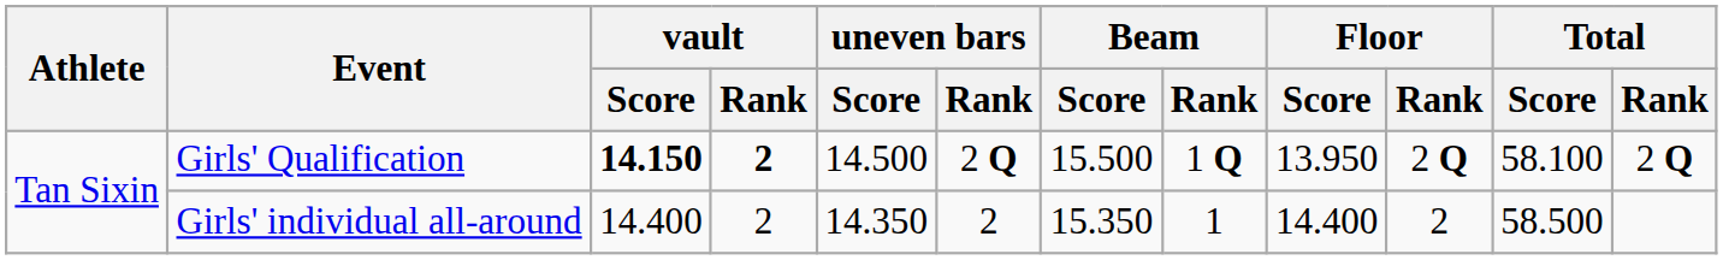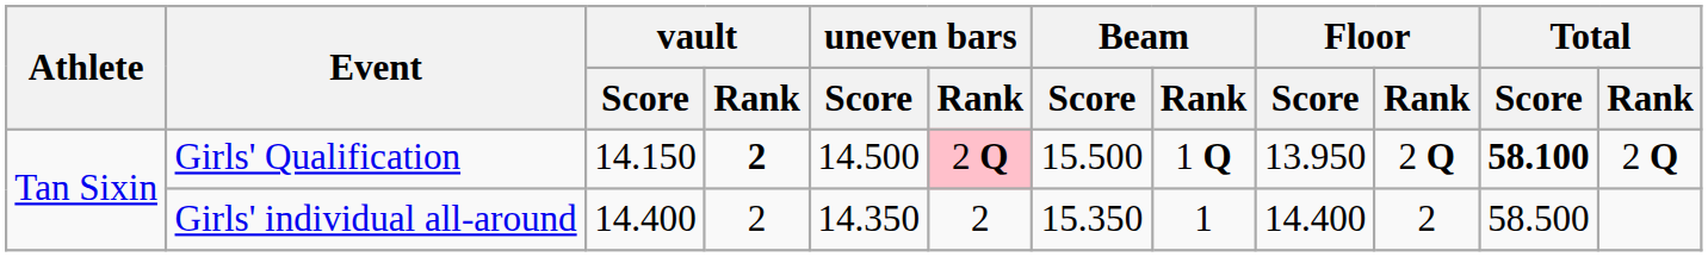 <table class="wikitable" border="1" style="font-size:90%">
 <tr>
 <th rowspan=2>Athlete</th>
 <th rowspan=2>Event</th>
 <th colspan=2>vault</th>
 <th colspan=2>uneven bars</th>
 <th colspan=2>Beam</th>
 <th colspan=2>Floor</th>
 <th colspan=2>Total</th>
 </tr>
 <tr>
 <th>Score</th>
 <th>Rank</th>
 <th>Score</th>
 <th>Rank</th>
 <th>Score</th>
 <th>Rank</th>
 <th>Score</th>
 <th>Rank</th>
 <th>Score</th>
 <th>Rank</th>
 </tr>
 <tr>
 <td rowspan=2><a href='#'>Tan Sixin</a></td>
 <td><a href='#'>Girls' Qualification</a></td>
-<td align=center><strong>14.150</strong></td>
+<td align=center>14.150</td>
 <td align=center><strong>2</strong></td>
 <td align=center>14.500</td>
-<td align=center>2 <strong>Q</strong></td>
+<td align=center style="background: pink;">2 <strong>Q</strong></td>
 <td align=center>15.500</td>
 <td align=center>1 <strong>Q</strong></td>
 <td align=center>13.950</td>
 <td align=center>2 <strong>Q</strong></td>
-<td align=center>58.100</td>
+<td align=center><strong>58.100</strong></td>
 <td align=center>2 <strong>Q</strong></td>
 </tr>
 <tr>
 <td><a href='#'>Girls' individual all-around</a></td>
 <td align=center>14.400</td>
 <td align=center>2</td>
 <td align=center>14.350</td>
 <td align=center>2</td>
 <td align=center>15.350</td>
 <td align=center>1</td>
 <td align=center>14.400</td>
 <td align=center>2</td>
 <td align=center>58.500</td>
 <td align=center></td>
 </tr>
 </table>
